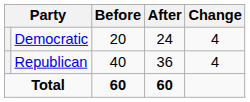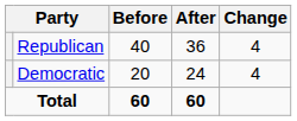 <table class="wikitable" style="text-align:center;">
 <tr>
 <th colspan="2">Party</th>
 <th>Before</th>
 <th>After</th>
 <th>Change</th>
 </tr>
 <tr>
 <th style="background-color:"></th>
-<td style="text-align:left;"><a href='#'>Democratic</a></td>
-<td>20</td>
-<td>24</td>
+<td style="text-align:left;"><a href='#'>Republican</a></td>
+<td>40</td>
+<td>36</td>
 <td> 4</td>
 </tr>
 <tr>
 <th style="background-color:"></th>
-<td style="text-align:left;"><a href='#'>Republican</a></td>
-<td>40</td>
-<td>36</td>
+<td style="text-align:left;"><a href='#'>Democratic</a></td>
+<td>20</td>
+<td>24</td>
 <td> 4</td>
 </tr>
 <tr>
 <td colspan="2"><strong>Total</strong></td>
 <td><strong>60</strong></td>
 <td><strong>60</strong></td>
 <td></td>
 </tr>
 </table>
